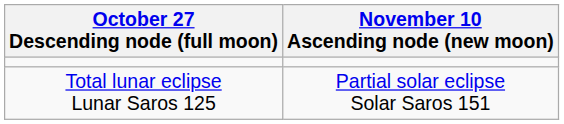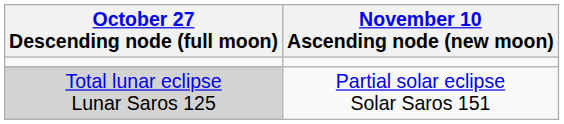 <table class="wikitable">
 <tr>
 <th><a href='#'>October 27</a><br>Descending node (full moon)</th>
 <th><a href='#'>November 10</a><br>Ascending node (new moon)</th>
 </tr>
 <tr>
 <td></td>
 <td></td>
 </tr>
 <tr align=center>
-<td><a href='#'>Total lunar eclipse</a><br>Lunar Saros 125</td>
+<td style="background: lightgrey;"><a href='#'>Total lunar eclipse</a><br>Lunar Saros 125</td>
 <td><a href='#'>Partial solar eclipse</a><br>Solar Saros 151</td>
 </tr>
 </table>
